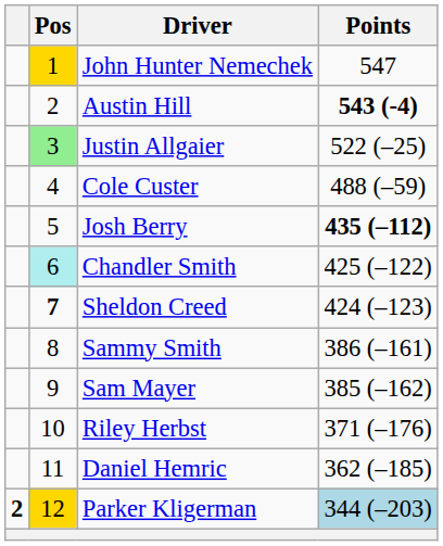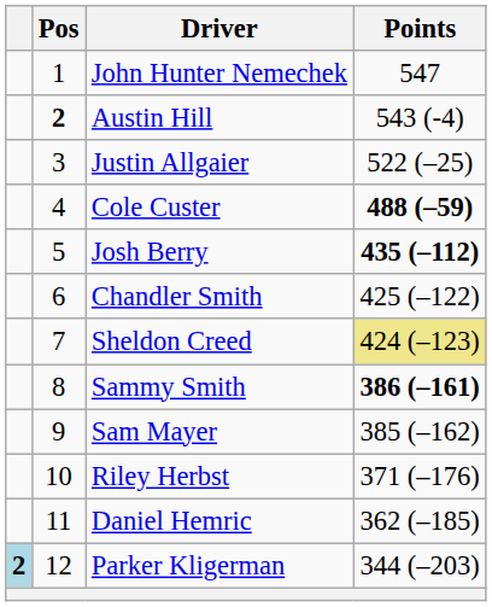 <table class="wikitable" style="font-size: 95%;">
 <tr>
 <th></th>
 <th>Pos</th>
 <th>Driver</th>
 <th>Points</th>
 </tr>
 <tr>
 <td align="left"></td>
-<td style="background: gold; text-align:center;">1</td>
+<td style="text-align:center;">1</td>
 <td><a href='#'>John Hunter Nemechek</a></td>
 <td style="text-align:center;">547</td>
 </tr>
 <tr>
 <td align="left"></td>
-<td style="text-align:center;">2</td>
+<td style="text-align:center;"><strong>2</strong></td>
 <td><a href='#'>Austin Hill</a></td>
-<td style="text-align:center;"><strong>543 (-4)</strong></td>
+<td style="text-align:center;">543 (-4)</td>
 </tr>
 <tr>
 <td align="left"></td>
-<td style="background: lightgreen; text-align:center;">3</td>
+<td style="text-align:center;">3</td>
 <td><a href='#'>Justin Allgaier</a></td>
 <td style="text-align:center;">522 (–25)</td>
 </tr>
 <tr>
 <td align="left"></td>
 <td style="text-align:center;">4</td>
 <td><a href='#'>Cole Custer</a></td>
-<td style="text-align:center;">488 (–59)</td>
+<td style="text-align:center;"><strong>488 (–59)</strong></td>
 </tr>
 <tr>
 <td align="left"></td>
 <td style="text-align:center;">5</td>
 <td><a href='#'>Josh Berry</a></td>
 <td style="text-align:center;"><strong>435 (–112)</strong></td>
 </tr>
 <tr>
 <td align="left"></td>
-<td style="background: paleturquoise; text-align:center;">6</td>
+<td style="text-align:center;">6</td>
 <td><a href='#'>Chandler Smith</a></td>
 <td style="text-align:center;">425 (–122)</td>
 </tr>
 <tr>
 <td align="left"></td>
-<td style="text-align:center;"><strong>7</strong></td>
+<td style="text-align:center;">7</td>
 <td><a href='#'>Sheldon Creed</a></td>
-<td style="text-align:center;">424 (–123)</td>
+<td style="background: khaki; text-align:center;">424 (–123)</td>
 </tr>
 <tr>
 <td align="left"></td>
 <td style="text-align:center;">8</td>
 <td><a href='#'>Sammy Smith</a></td>
-<td style="text-align:center;">386 (–161)</td>
+<td style="text-align:center;"><strong>386 (–161)</strong></td>
 </tr>
 <tr>
 <td align="left"></td>
 <td style="text-align:center;">9</td>
 <td><a href='#'>Sam Mayer</a></td>
 <td style="text-align:center;">385 (–162)</td>
 </tr>
 <tr>
 <td align="left"></td>
 <td style="text-align:center;">10</td>
 <td><a href='#'>Riley Herbst</a></td>
 <td style="text-align:center;">371 (–176)</td>
 </tr>
 <tr>
 <td align="left"></td>
 <td style="text-align:center;">11</td>
 <td><a href='#'>Daniel Hemric</a></td>
 <td style="text-align:center;">362 (–185)</td>
 </tr>
 <tr>
-<td align="left"> <strong>2</strong></td>
-<td style="background: gold; text-align:center;">12</td>
+<td align="left" style="background: lightblue;"> <strong>2</strong></td>
+<td style="text-align:center;">12</td>
 <td><a href='#'>Parker Kligerman</a></td>
-<td style="background: lightblue; text-align:center;">344 (–203)</td>
+<td style="text-align:center;">344 (–203)</td>
 </tr>
 <tr class="sortbottom">
 <th colspan="9"></th>
 </tr>
 </table>
